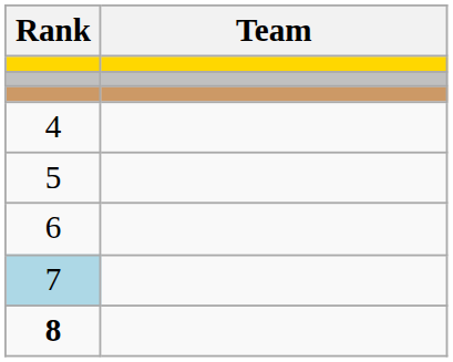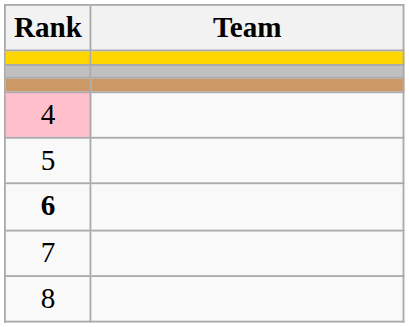 <table class="wikitable" style="width:220px;">
 <tr>
 <th width=40px>Rank</th>
 <th>Team</th>
 </tr>
 <tr style="background:gold;">
 <td align=center></td>
 <td></td>
 </tr>
 <tr style="background:silver;">
 <td align=center></td>
 <td></td>
 </tr>
 <tr style="background:#cc9966;">
 <td align=center></td>
 <td></td>
 </tr>
 <tr>
-<td align=center>4</td>
+<td align=center style="background: pink;">4</td>
 <td></td>
 </tr>
 <tr>
 <td align=center>5</td>
 <td></td>
 </tr>
 <tr>
-<td align=center>6</td>
+<td align=center><strong>6</strong></td>
 <td></td>
 </tr>
 <tr>
-<td align=center style="background: lightblue;">7</td>
+<td align=center>7</td>
 <td></td>
 </tr>
 <tr>
-<td align=center><strong>8</strong></td>
+<td align=center>8</td>
 <td></td>
 </tr>
 </table>
